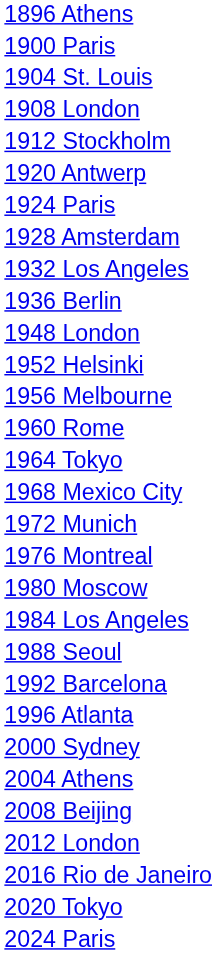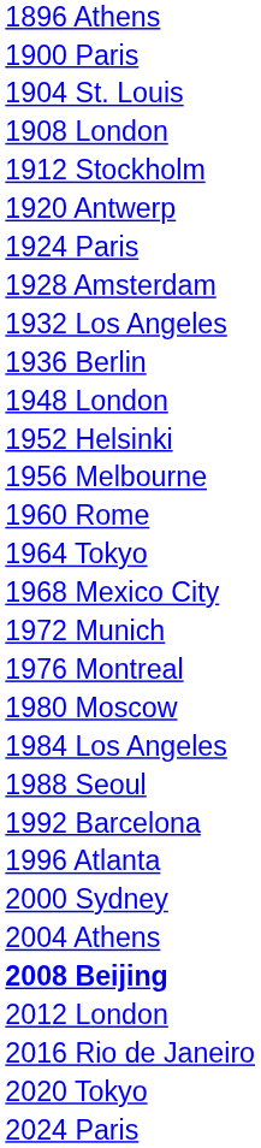 <table>
 <tr>
 <td><a href='#'>1896 Athens</a><br></td>
 <td></td>
 <td></td>
 <td></td>
 </tr>
 <tr>
 <td><a href='#'>1900 Paris</a><br></td>
 <td></td>
 <td></td>
 <td></td>
 </tr>
 <tr>
 <td><a href='#'>1904 St. Louis</a><br></td>
 <td></td>
 <td></td>
 <td></td>
 </tr>
 <tr>
 <td><a href='#'>1908 London</a><br></td>
 <td></td>
 <td></td>
 <td></td>
 </tr>
 <tr>
 <td><a href='#'>1912 Stockholm</a><br></td>
 <td></td>
 <td></td>
 <td></td>
 </tr>
 <tr>
 <td><a href='#'>1920 Antwerp</a><br></td>
 <td></td>
 <td></td>
 <td></td>
 </tr>
 <tr>
 <td><a href='#'>1924 Paris</a><br></td>
 <td></td>
 <td></td>
 <td></td>
 </tr>
 <tr>
 <td><a href='#'>1928 Amsterdam</a><br></td>
 <td></td>
 <td></td>
 <td></td>
 </tr>
 <tr>
 <td><a href='#'>1932 Los Angeles</a><br></td>
 <td></td>
 <td></td>
 <td></td>
 </tr>
 <tr>
 <td><a href='#'>1936 Berlin</a><br></td>
 <td></td>
 <td></td>
 <td></td>
 </tr>
 <tr>
 <td><a href='#'>1948 London</a><br></td>
 <td></td>
 <td></td>
 <td></td>
 </tr>
 <tr>
 <td><a href='#'>1952 Helsinki</a><br></td>
 <td></td>
 <td></td>
 <td></td>
 </tr>
 <tr>
 <td><a href='#'>1956 Melbourne</a><br></td>
 <td></td>
 <td></td>
 <td></td>
 </tr>
 <tr>
 <td><a href='#'>1960 Rome</a><br></td>
 <td></td>
 <td></td>
 <td></td>
 </tr>
 <tr>
 <td><a href='#'>1964 Tokyo</a><br></td>
 <td></td>
 <td></td>
 <td></td>
 </tr>
 <tr>
 <td><a href='#'>1968 Mexico City</a><br></td>
 <td></td>
 <td></td>
 <td></td>
 </tr>
 <tr>
 <td><a href='#'>1972 Munich</a><br></td>
 <td></td>
 <td></td>
 <td></td>
 </tr>
 <tr>
 <td><a href='#'>1976 Montreal</a><br></td>
 <td></td>
 <td></td>
 <td></td>
 </tr>
 <tr>
 <td><a href='#'>1980 Moscow</a><br></td>
 <td></td>
 <td></td>
 <td></td>
 </tr>
 <tr>
 <td><a href='#'>1984 Los Angeles</a><br></td>
 <td></td>
 <td></td>
 <td></td>
 </tr>
 <tr>
 <td><a href='#'>1988 Seoul</a><br></td>
 <td></td>
 <td></td>
 <td></td>
 </tr>
 <tr>
 <td><a href='#'>1992 Barcelona</a><br></td>
 <td></td>
 <td></td>
 <td></td>
 </tr>
 <tr>
 <td><a href='#'>1996 Atlanta</a><br></td>
 <td></td>
 <td></td>
 <td></td>
 </tr>
 <tr>
 <td><a href='#'>2000 Sydney</a><br></td>
 <td></td>
 <td></td>
 <td></td>
 </tr>
 <tr>
 <td><a href='#'>2004 Athens</a><br></td>
 <td></td>
 <td></td>
 <td></td>
 </tr>
 <tr>
-<td><a href='#'>2008 Beijing</a><br></td>
+<td><strong><a href='#'>2008 Beijing</a><br></strong></td>
 <td></td>
 <td></td>
 <td></td>
 </tr>
 <tr>
 <td><a href='#'>2012 London</a><br></td>
 <td></td>
 <td></td>
 <td></td>
 </tr>
 <tr>
 <td><a href='#'>2016 Rio de Janeiro</a><br></td>
 <td></td>
 <td></td>
 <td></td>
 </tr>
 <tr>
 <td><a href='#'>2020 Tokyo</a><br></td>
 <td></td>
 <td></td>
 <td></td>
 </tr>
 <tr>
 <td><a href='#'>2024 Paris</a> <br></td>
 <td></td>
 <td></td>
 <td></td>
 </tr>
 <tr>
 </tr>
 </table>
